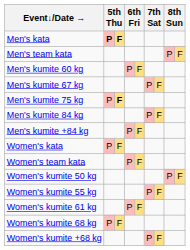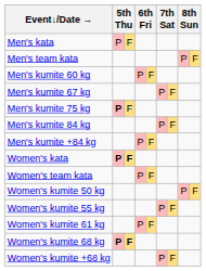 <table class="wikitable" style="margin:0.5em auto; font-size:90%; line-height:1.25em; text-align:center;">
 <tr>
 <th>Event↓/Date →</th>
 <th colspan=2>5th<br>Thu</th>
 <th colspan=2>6th<br>Fri</th>
 <th colspan=2>7th<br>Sat</th>
 <th colspan=2>8th<br>Sun</th>
 </tr>
 <tr>
 <td align="left"><a href='#'>Men's kata</a></td>
-<td bgcolor="#FFBBBB"><strong>P</strong></td>
-<td bgcolor="#FFDF80"><strong>F</strong></td>
+<td bgcolor="#FFBBBB">P</td>
+<td bgcolor="#FFDF80">F</td>
 <td colspan=2></td>
 <td colspan=2></td>
 <td colspan=2></td>
 </tr>
 <tr>
 <td align="left"><a href='#'>Men's team kata</a></td>
 <td colspan=2></td>
 <td colspan=2></td>
 <td colspan=2></td>
 <td bgcolor="#FFBBBB">P</td>
 <td bgcolor="#FFDF80">F</td>
 </tr>
 <tr>
 <td align="left"><a href='#'>Men's kumite 60 kg</a></td>
 <td colspan=2></td>
 <td bgcolor="#FFBBBB">P</td>
 <td bgcolor="#FFDF80">F</td>
 <td colspan=2></td>
 <td colspan=2></td>
 </tr>
 <tr>
 <td align="left"><a href='#'>Men's kumite 67 kg</a></td>
 <td colspan=2></td>
 <td colspan=2></td>
 <td bgcolor="#FFBBBB">P</td>
 <td bgcolor="#FFDF80">F</td>
 <td colspan=2></td>
 </tr>
 <tr>
 <td align="left"><a href='#'>Men's kumite 75 kg</a></td>
-<td bgcolor="#FFBBBB">P</td>
-<td bgcolor="#FFDF80"><strong>F</strong></td>
+<td bgcolor="#FFBBBB"><strong>P</strong></td>
+<td bgcolor="#FFDF80">F</td>
 <td colspan=2></td>
 <td colspan=2></td>
 <td colspan=2></td>
 </tr>
 <tr>
 <td align="left"><a href='#'>Men's kumite 84 kg</a></td>
 <td colspan=2></td>
 <td colspan=2></td>
 <td bgcolor="#FFBBBB">P</td>
 <td bgcolor="#FFDF80">F</td>
 <td colspan=2></td>
 </tr>
 <tr>
 <td align="left"><a href='#'>Men's kumite +84 kg</a></td>
 <td colspan=2></td>
 <td bgcolor="#FFBBBB">P</td>
 <td bgcolor="#FFDF80">F</td>
 <td colspan=2></td>
 <td colspan=2></td>
 </tr>
 <tr>
 <td align="left"><a href='#'>Women's kata</a></td>
-<td bgcolor="#FFBBBB">P</td>
-<td bgcolor="#FFDF80">F</td>
+<td bgcolor="#FFBBBB"><strong>P</strong></td>
+<td bgcolor="#FFDF80"><strong>F</strong></td>
 <td colspan=2></td>
 <td colspan=2></td>
 <td colspan=2></td>
 </tr>
 <tr>
 <td align="left"><a href='#'>Women's team kata</a></td>
 <td colspan=2></td>
 <td bgcolor="#FFBBBB">P</td>
 <td bgcolor="#FFDF80">F</td>
 <td colspan=2></td>
 <td colspan=2></td>
 </tr>
 <tr>
 <td align="left"><a href='#'>Women's kumite 50 kg</a></td>
 <td colspan=2></td>
 <td colspan=2></td>
 <td colspan=2></td>
 <td bgcolor="#FFBBBB">P</td>
 <td bgcolor="#FFDF80">F</td>
 </tr>
 <tr>
 <td align="left"><a href='#'>Women's kumite 55 kg</a></td>
 <td colspan=2></td>
 <td colspan=2></td>
 <td bgcolor="#FFBBBB">P</td>
 <td bgcolor="#FFDF80">F</td>
 <td colspan=2></td>
 </tr>
 <tr>
 <td align="left"><a href='#'>Women's kumite 61 kg</a></td>
 <td colspan=2></td>
 <td bgcolor="#FFBBBB">P</td>
 <td bgcolor="#FFDF80">F</td>
 <td colspan=2></td>
 <td colspan=2></td>
 </tr>
 <tr>
 <td align="left"><a href='#'>Women's kumite 68 kg</a></td>
-<td bgcolor="#FFBBBB">P</td>
-<td bgcolor="#FFDF80">F</td>
+<td bgcolor="#FFBBBB"><strong>P</strong></td>
+<td bgcolor="#FFDF80"><strong>F</strong></td>
 <td colspan=2></td>
 <td colspan=2></td>
 <td colspan=2></td>
 </tr>
 <tr>
 <td align="left"><a href='#'>Women's kumite +68 kg</a></td>
 <td colspan=2></td>
 <td colspan=2></td>
 <td bgcolor="#FFBBBB">P</td>
 <td bgcolor="#FFDF80">F</td>
 <td colspan=2></td>
 </tr>
 </table>
